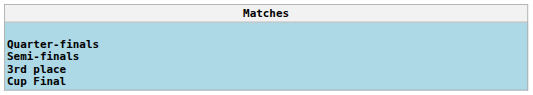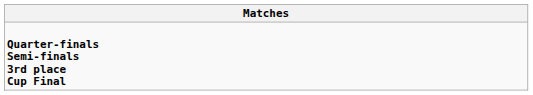 <table class="wikitable collapsible collapsed" style="width:100%;">
 <tr>
 <th>Matches</th>
 </tr>
 <tr>
-<td style="background: lightblue;"><br><strong>Quarter-finals</strong>    <br><strong>Semi-finals</strong>  <br><strong>3rd place</strong> <br><strong>Cup Final</strong> </td>
+<td><br><strong>Quarter-finals</strong>    <br><strong>Semi-finals</strong>  <br><strong>3rd place</strong> <br><strong>Cup Final</strong> </td>
 </tr>
 </table>
